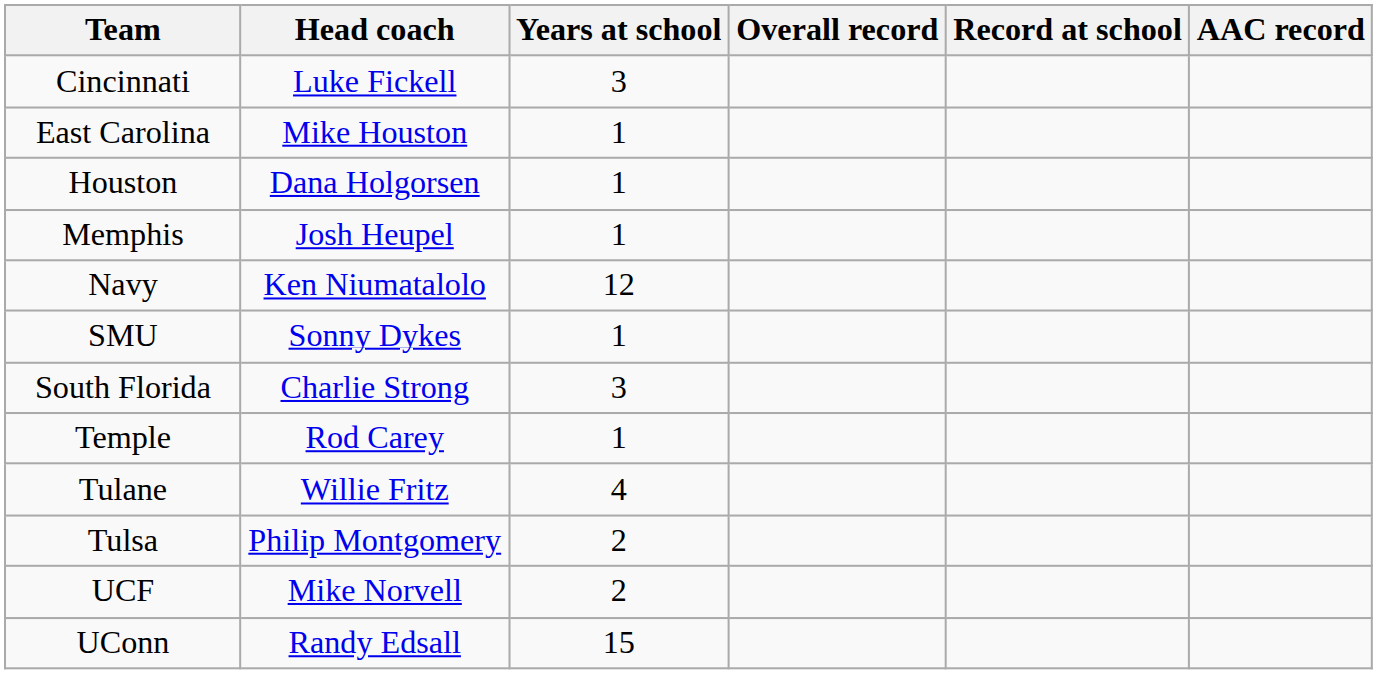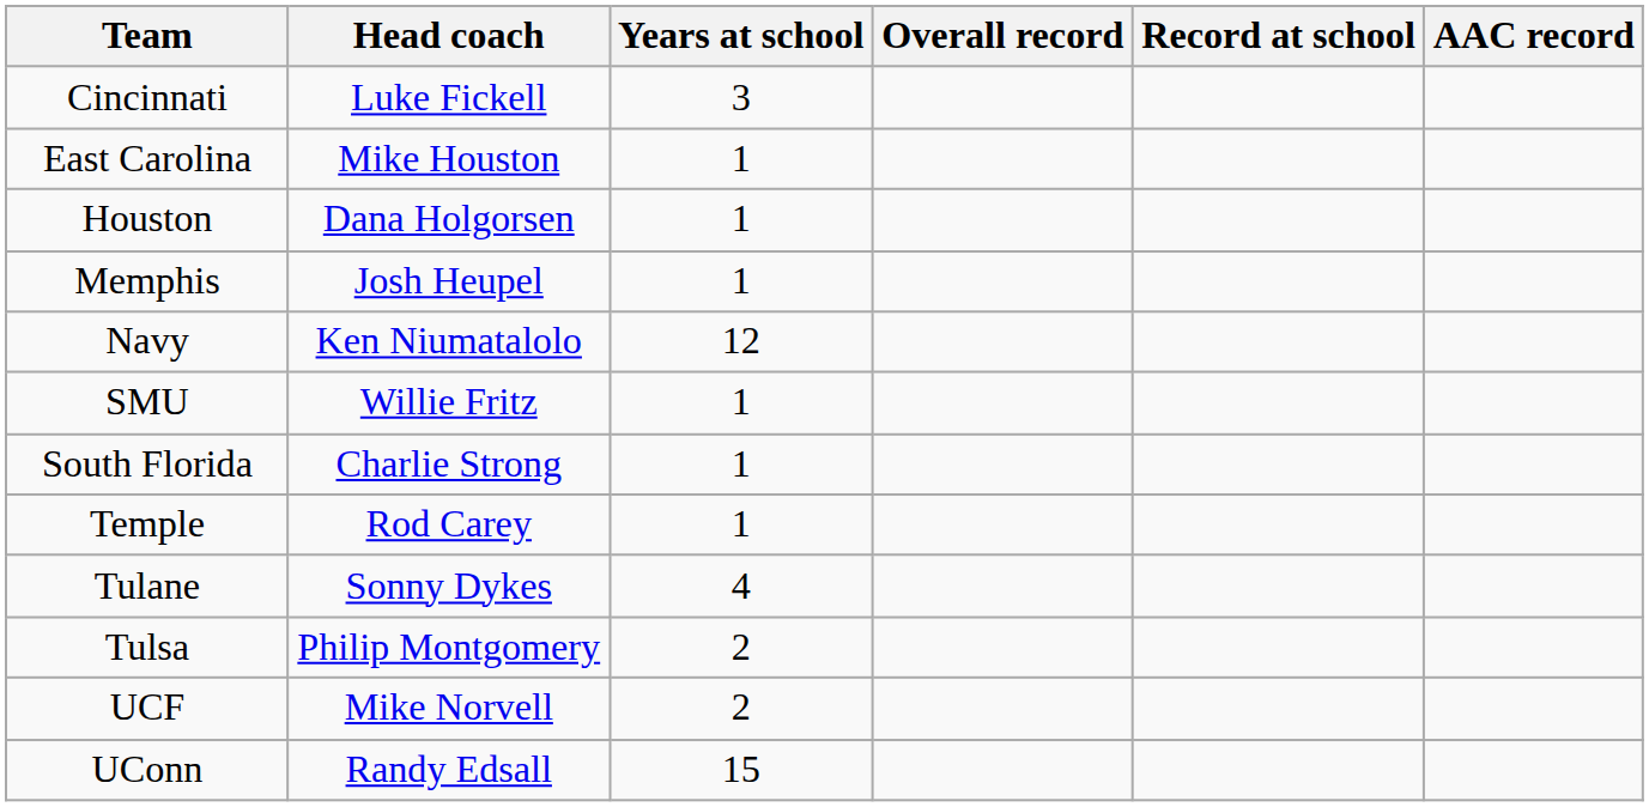 <table class="wikitable sortable" style="text-align: center;">
 <tr>
 <th width="110">Team</th>
 <th>Head coach</th>
 <th>Years at school</th>
 <th>Overall record</th>
 <th>Record at school</th>
 <th>AAC record</th>
 </tr>
 <tr>
 <td>Cincinnati</td>
 <td><a href='#'>Luke Fickell</a></td>
 <td>3</td>
 <td data-sort-value=></td>
 <td data-sort-value=></td>
 <td data-sort-value=></td>
 </tr>
 <tr>
 <td>East Carolina</td>
 <td><a href='#'>Mike Houston</a></td>
 <td>1</td>
 <td data-sort-value=></td>
 <td data-sort-value=></td>
 <td data-sort-value=></td>
 </tr>
 <tr>
 <td>Houston</td>
 <td><a href='#'>Dana Holgorsen</a></td>
 <td>1</td>
 <td data-sort-value=></td>
 <td data-sort-value=></td>
 <td data-sort-value=></td>
 </tr>
 <tr>
 <td>Memphis</td>
 <td><a href='#'>Josh Heupel</a></td>
 <td>1</td>
 <td data-sort-value=></td>
 <td data-sort-value=></td>
 <td data-sort-value=></td>
 </tr>
 <tr>
 <td>Navy</td>
 <td><a href='#'>Ken Niumatalolo</a></td>
 <td>12</td>
 <td data-sort-value=></td>
 <td data-sort-value=></td>
 <td data-sort-value=></td>
 </tr>
 <tr>
 <td>SMU</td>
-<td><a href='#'>Sonny Dykes</a></td>
+<td><a href='#'>Willie Fritz</a></td>
 <td>1</td>
 <td data-sort-value=></td>
 <td data-sort-value=></td>
 <td data-sort-value=></td>
 </tr>
 <tr>
 <td>South Florida</td>
 <td><a href='#'>Charlie Strong</a></td>
-<td>3</td>
+<td>1</td>
 <td data-sort-value=></td>
 <td data-sort-value=></td>
 <td data-sort-value=></td>
 </tr>
 <tr>
 <td>Temple</td>
 <td><a href='#'>Rod Carey</a></td>
 <td>1</td>
 <td data-sort-value=></td>
 <td data-sort-value=></td>
 <td data-sort-value=></td>
 </tr>
 <tr>
 <td>Tulane</td>
-<td><a href='#'>Willie Fritz</a></td>
+<td><a href='#'>Sonny Dykes</a></td>
 <td>4</td>
 <td data-sort-value=></td>
 <td data-sort-value=></td>
 <td data-sort-value=></td>
 </tr>
 <tr>
 <td>Tulsa</td>
 <td><a href='#'>Philip Montgomery</a></td>
 <td>2</td>
 <td data-sort-value=></td>
 <td data-sort-value=></td>
 <td data-sort-value=></td>
 </tr>
 <tr>
 <td>UCF</td>
 <td><a href='#'>Mike Norvell</a></td>
 <td>2</td>
 <td data-sort-value=></td>
 <td data-sort-value=></td>
 <td data-sort-value=></td>
 </tr>
 <tr>
 <td>UConn</td>
 <td><a href='#'>Randy Edsall</a></td>
 <td>15</td>
 <td data-sort-value=></td>
 <td data-sort-value=></td>
 <td data-sort-value=></td>
 </tr>
 </table>
